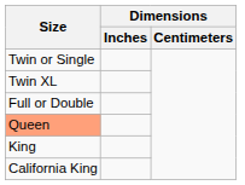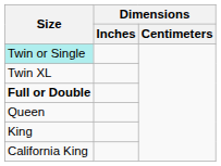 <table class="wikitable">
 <tr>
 <th rowspan="2" scope="col">Size</th>
 <th colspan="2" scope="col">Dimensions</th>
 </tr>
 <tr>
 <th>Inches</th>
 <th>Centimeters</th>
 </tr>
 <tr>
-<td>Twin or Single</td>
+<td style="background: paleturquoise;">Twin or Single</td>
 <td></td>
 </tr>
 <tr>
 <td>Twin XL</td>
 <td></td>
 </tr>
 <tr>
-<td>Full or Double</td>
+<td><strong>Full or Double</strong></td>
 <td></td>
 </tr>
 <tr>
-<td style="background: lightsalmon;">Queen</td>
+<td>Queen</td>
 <td></td>
 </tr>
 <tr>
 <td>King</td>
 <td></td>
 </tr>
 <tr>
 <td>California King</td>
 <td></td>
 </tr>
 </table>
